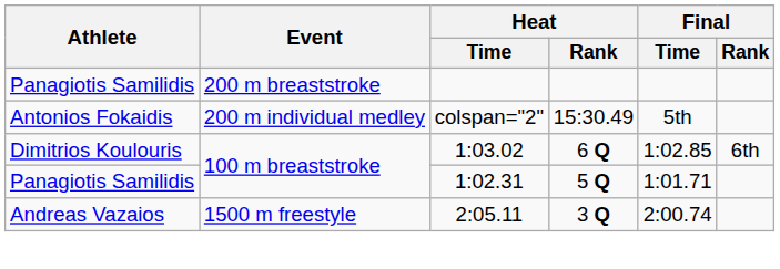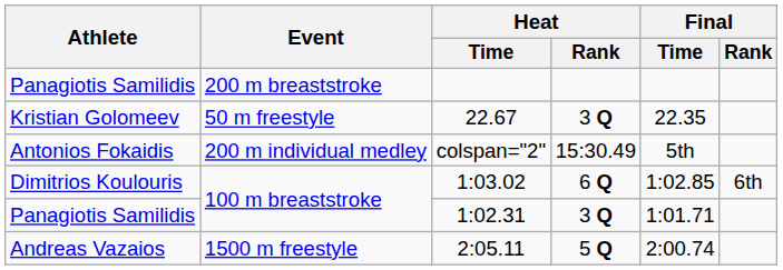 <table class=wikitable style="font-size:90%">
 <tr>
 <th rowspan="2">Athlete</th>
 <th rowspan="2">Event</th>
 <th colspan="2">Heat</th>
 <th colspan="2">Final</th>
 </tr>
 <tr style="font-size:95%">
 <th>Time</th>
 <th>Rank</th>
 <th>Time</th>
 <th>Rank</th>
 </tr>
 <tr align=center>
 <td align=left><a href='#'>Panagiotis Samilidis</a></td>
 <td align=left><a href='#'>200 m breaststroke</a></td>
 <td></td>
 <td></td>
 <td></td>
 <td align=center=></td>
 </tr>
 <tr align=center>
+<td align=left><a href='#'>Kristian Golomeev</a></td>
+<td align=left><a href='#'>50 m freestyle</a></td>
+<td>22.67</td>
+<td>3 <strong>Q</strong></td>
+<td>22.35</td>
+<td align=center=></td>
+</tr>
+<tr align=center>
 <td align=left><a href='#'>Antonios Fokaidis</a></td>
 <td align=left><a href='#'>200 m individual medley</a></td>
 <td>colspan="2" </td>
 <td>15:30.49</td>
 <td>5th</td>
 </tr>
 <tr align=center>
 <td align=left><a href='#'>Dimitrios Koulouris</a></td>
 <td align=left rowspan=2><a href='#'>100 m breaststroke</a></td>
 <td>1:03.02</td>
 <td>6 <strong>Q</strong></td>
 <td>1:02.85</td>
 <td>6th</td>
 </tr>
 <tr align=center>
 <td align=left><a href='#'>Panagiotis Samilidis</a></td>
 <td>1:02.31</td>
-<td>5 <strong>Q</strong></td>
+<td>3 <strong>Q</strong></td>
 <td>1:01.71</td>
 <td align=center=></td>
 </tr>
 <tr align=center>
 <td align=left><a href='#'>Andreas Vazaios</a></td>
 <td align=left><a href='#'>1500 m freestyle</a></td>
 <td>2:05.11</td>
-<td>3 <strong>Q</strong></td>
+<td>5 <strong>Q</strong></td>
 <td>2:00.74</td>
 <td align=center=></td>
 </tr>
 </table>
